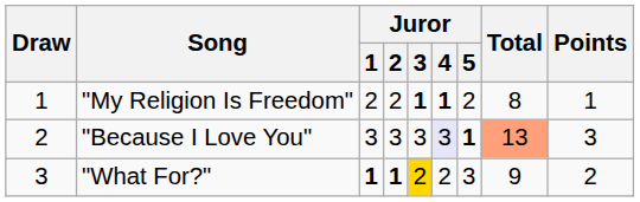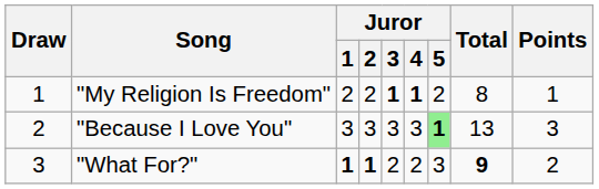 <table class="wikitable collapsible" style="margin: 1em auto 1em auto; text-align:center;">
 <tr>
 <th rowspan="2">Draw</th>
 <th rowspan="2">Song</th>
 <th colspan="5">Juror</th>
 <th rowspan="2">Total</th>
 <th rowspan="2">Points</th>
 </tr>
 <tr>
 <th>1</th>
 <th>2</th>
 <th>3</th>
 <th>4</th>
 <th>5</th>
 </tr>
 <tr>
 <td>1</td>
 <td align="left">"My Religion Is Freedom"</td>
 <td>2</td>
 <td>2</td>
 <td><strong>1</strong></td>
 <td><strong>1</strong></td>
 <td>2</td>
 <td>8</td>
 <td>1</td>
 </tr>
 <tr>
 <td>2</td>
 <td align="left">"Because I Love You"</td>
 <td>3</td>
 <td>3</td>
 <td>3</td>
-<td style="background: lavender;">3</td>
-<td><strong>1</strong></td>
-<td style="background: lightsalmon;">13</td>
+<td>3</td>
+<td style="background: lightgreen;"><strong>1</strong></td>
+<td>13</td>
 <td>3</td>
 </tr>
 <tr>
 <td>3</td>
 <td align="left">"What For?"</td>
 <td><strong>1</strong></td>
 <td><strong>1</strong></td>
-<td style="background: gold;">2</td>
+<td>2</td>
 <td>2</td>
 <td>3</td>
-<td>9</td>
+<td><strong>9</strong></td>
 <td>2</td>
 </tr>
 </table>
